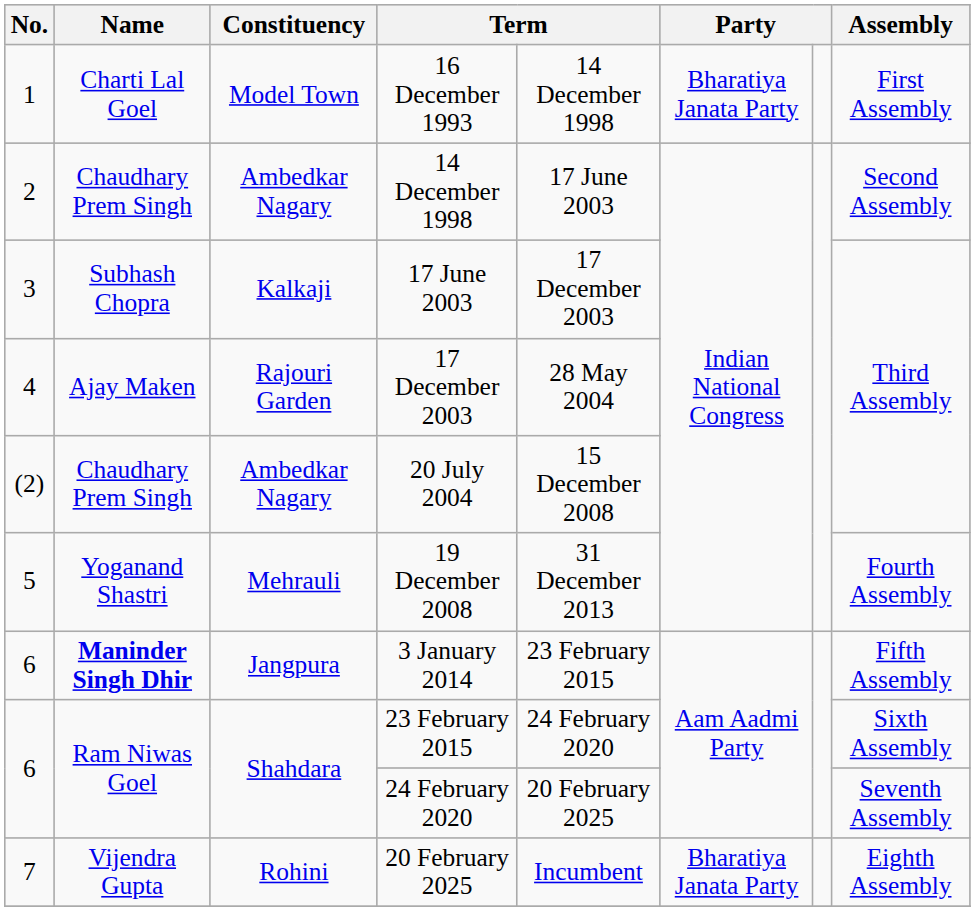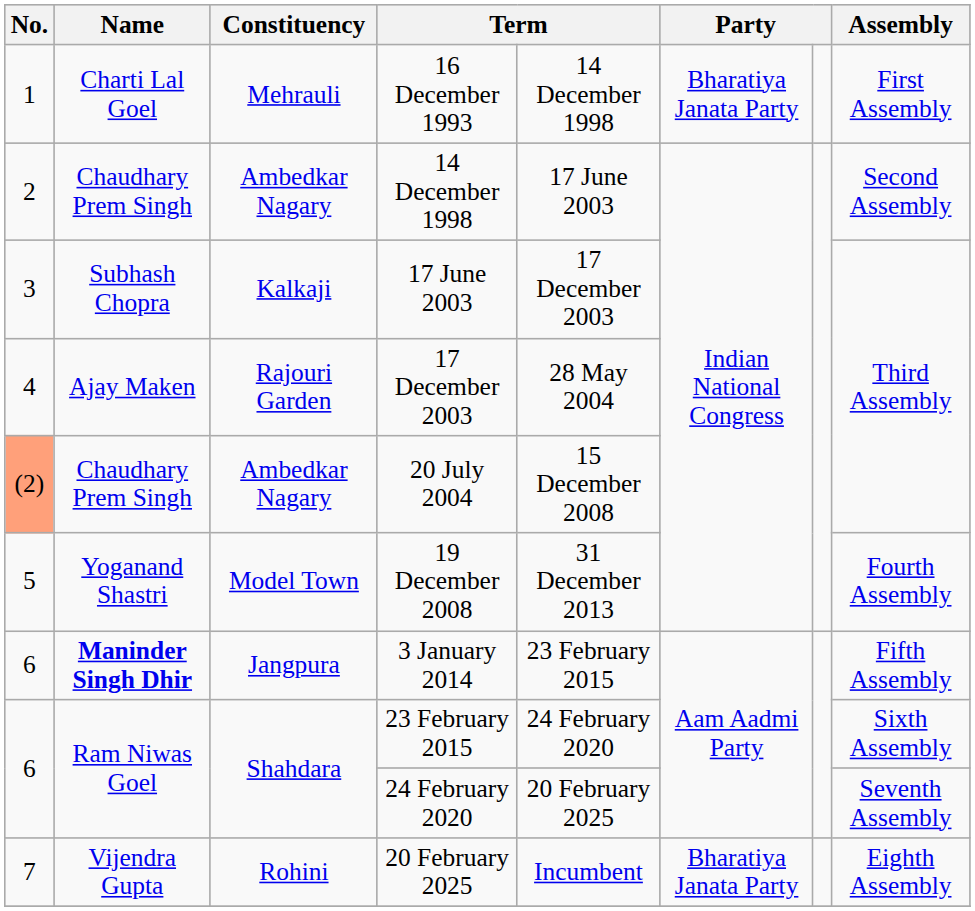 <table class="wikitable sortable">
 <tr>
 <th scope=col>No.</th>
 <th scope=col>Name</th>
 <th scope=col>Constituency</th>
 <th colspan="2" scope="col">Term</th>
 <th colspan="2" scope="col">Party</th>
 <th scope=col>Assembly<br></th>
 </tr>
 <tr align="center">
 <td>1</td>
 <td><a href='#'>Charti Lal Goel</a></td>
-<td><a href='#'>Model Town</a></td>
+<td><a href='#'>Mehrauli</a></td>
 <td>16 December 1993</td>
 <td>14 December 1998</td>
 <td><a href='#'>Bharatiya Janata Party</a></td>
 <td width="4px" style="background-color: "></td>
 <td><a href='#'>First Assembly</a><br></td>
 </tr>
 <tr align="center">
 <td>2</td>
 <td><a href='#'>Chaudhary Prem Singh</a></td>
 <td><a href='#'>Ambedkar Nagary</a></td>
 <td>14 December 1998</td>
 <td>17 June 2003</td>
 <td rowspan="5"><a href='#'>Indian National Congress</a></td>
 <td rowspan="5" width="4px" style="background-color: "></td>
 <td><a href='#'>Second Assembly</a><br></td>
 </tr>
 <tr align="center">
 <td>3</td>
 <td><a href='#'>Subhash Chopra</a></td>
 <td><a href='#'>Kalkaji</a></td>
 <td>17 June 2003</td>
 <td>17 December 2003</td>
 <td rowspan="3"><a href='#'>Third Assembly</a><br></td>
 </tr>
 <tr align="center">
 <td>4</td>
 <td><a href='#'>Ajay Maken</a></td>
 <td><a href='#'>Rajouri Garden</a></td>
 <td>17 December 2003</td>
 <td>28 May 2004</td>
 </tr>
 <tr align="center">
-<td>(2)</td>
+<td style="background: lightsalmon;">(2)</td>
 <td><a href='#'>Chaudhary Prem Singh</a></td>
 <td><a href='#'>Ambedkar Nagary</a></td>
 <td>20 July 2004</td>
 <td>15 December 2008</td>
 </tr>
 <tr align="center">
 <td>5</td>
 <td><a href='#'>Yoganand Shastri</a></td>
-<td><a href='#'>Mehrauli</a></td>
+<td><a href='#'>Model Town</a></td>
 <td>19 December 2008</td>
 <td>31 December 2013</td>
 <td><a href='#'>Fourth Assembly</a><br></td>
 </tr>
 <tr align="center">
 <td>6</td>
 <td><strong><a href='#'>Maninder Singh Dhir</a></strong></td>
 <td><a href='#'>Jangpura</a></td>
 <td>3 January 2014</td>
 <td>23 February 2015</td>
 <td rowspan="3"><a href='#'>Aam Aadmi Party</a></td>
 <td rowspan="3" width="4px" style="background-color: "></td>
 <td><a href='#'>Fifth Assembly</a><br></td>
 </tr>
 <tr align="center">
 <td rowspan="2">6</td>
 <td rowspan="2"><a href='#'>Ram Niwas Goel</a></td>
 <td rowspan="2"><a href='#'>Shahdara</a></td>
 <td>23 February 2015</td>
 <td>24 February 2020</td>
 <td><a href='#'>Sixth Assembly</a><br></td>
 </tr>
 <tr align="center">
 <td>24 February 2020</td>
 <td>20 February 2025</td>
 <td><a href='#'>Seventh Assembly</a><br></td>
 </tr>
 <tr align="center">
 <td>7</td>
 <td><a href='#'>Vijendra Gupta</a></td>
 <td><a href='#'>Rohini</a></td>
 <td>20 February 2025</td>
 <td><a href='#'>Incumbent</a></td>
 <td><a href='#'>Bharatiya Janata Party</a></td>
 <td width="4px" style="background-color: "></td>
 <td><a href='#'>Eighth Assembly</a><br></td>
 </tr>
 <tr align="center">
 </tr>
 </table>
